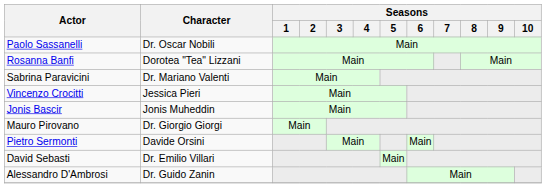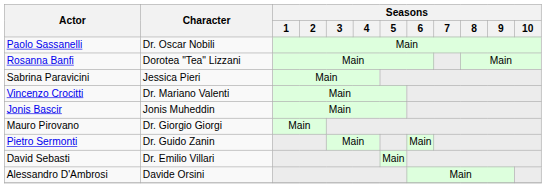 <table class="wikitable" style="width:95%">
 <tr>
 <th rowspan="2">Actor</th>
 <th rowspan="2">Character</th>
 <th colspan="10">Seasons</th>
 </tr>
 <tr>
 <th style="width:5%;">1</th>
 <th style="width:5%;">2</th>
 <th style="width:5%;">3</th>
 <th style="width:5%;">4</th>
 <th style="width:5%;">5</th>
 <th style="width:5%;">6</th>
 <th style="width:5%;">7</th>
 <th style="width:5%;">8</th>
 <th style="width:5%;">9</th>
 <th style="width:5%;">10</th>
 </tr>
 <tr>
 <td><a href='#'>Paolo Sassanelli</a></td>
 <td>Dr. Oscar Nobili</td>
 <td colspan="10" style="background:#dfd; text-align:center;">Main</td>
 </tr>
 <tr>
 <td><a href='#'>Rosanna Banfi</a></td>
 <td>Dorotea "Tea" Lizzani</td>
 <td colspan="6" style="background:#dfd; text-align:center;">Main</td>
 <td style="background:#ececec; color:gray; vertical-align:middle; text-align:center;" class="table-na"></td>
 <td colspan="3" style="background:#dfd; text-align:center;">Main</td>
 </tr>
 <tr>
 <td>Sabrina Paravicini</td>
-<td>Dr. Mariano Valenti</td>
+<td>Jessica Pieri</td>
 <td colspan="4" style="background:#dfd; text-align:center;">Main</td>
 <td colspan="6" style="background:#ececec; color:gray; vertical-align:middle; text-align:center;" class="table-na"></td>
 </tr>
 <tr>
 <td><a href='#'>Vincenzo Crocitti</a></td>
-<td>Jessica Pieri</td>
+<td>Dr. Mariano Valenti</td>
 <td colspan="5" style="background:#dfd; text-align:center;">Main</td>
 <td colspan="5" style="background:#ececec; color:gray; vertical-align:middle; text-align:center;" class="table-na"></td>
 </tr>
 <tr>
 <td><a href='#'>Jonis Bascir</a></td>
 <td>Jonis Muheddin</td>
 <td colspan="5" style="background:#dfd; text-align:center;">Main</td>
 <td colspan="5" style="background:#ececec; color:gray; vertical-align:middle; text-align:center;" class="table-na"></td>
 </tr>
 <tr>
 <td>Mauro Pirovano</td>
 <td>Dr. Giorgio Giorgi</td>
 <td colspan="2" style="background:#dfd; text-align:center;">Main</td>
 <td colspan="8" style="background:#ececec; color:gray; vertical-align:middle; text-align:center;" class="table-na"></td>
 </tr>
 <tr>
 <td><a href='#'>Pietro Sermonti</a></td>
-<td>Davide Orsini</td>
+<td>Dr. Guido Zanin</td>
 <td colspan="2" style="background:#ececec; color:gray; vertical-align:middle; text-align:center;" class="table-na"></td>
 <td colspan="2" style="background:#dfd; text-align:center;">Main</td>
 <td style="background:#ececec; color:gray; vertical-align:middle; text-align:center;" class="table-na"></td>
 <td style="background:#dfd; text-align:center;">Main</td>
 <td colspan="4" style="background:#ececec; color:gray; vertical-align:middle; text-align:center;" class="table-na"></td>
 </tr>
 <tr>
 <td>David Sebasti</td>
 <td>Dr. Emilio Villari</td>
 <td colspan="4" style="background:#ececec; color:gray; vertical-align:middle; text-align:center;" class="table-na"></td>
 <td style="background:#dfd; text-align:center;">Main</td>
 <td colspan="5" style="background:#ececec; color:gray; vertical-align:middle; text-align:center;" class="table-na"></td>
 </tr>
 <tr>
 <td>Alessandro D'Ambrosi</td>
-<td>Dr. Guido Zanin</td>
+<td>Davide Orsini</td>
 <td colspan="5" style="background:#ececec; color:gray; vertical-align:middle; text-align:center;" class="table-na"></td>
 <td colspan="4" style="background:#dfd; text-align:center;">Main</td>
 <td style="background:#ececec; color:gray; vertical-align:middle; text-align:center;" class="table-na"></td>
 </tr>
 <tr>
 </tr>
 </table>
